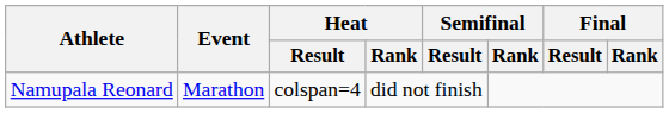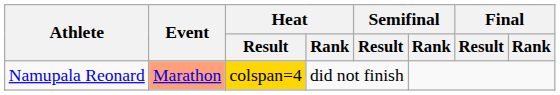 <table class="wikitable" style="font-size:90%">
 <tr>
 <th rowspan=2>Athlete</th>
 <th rowspan=2>Event</th>
 <th colspan=2>Heat</th>
 <th colspan=2>Semifinal</th>
 <th colspan=2>Final</th>
 </tr>
 <tr style="font-size:95%">
 <th>Result</th>
 <th>Rank</th>
 <th>Result</th>
 <th>Rank</th>
 <th>Result</th>
 <th>Rank</th>
 </tr>
 <tr align=center>
 <td align=left><a href='#'>Namupala Reonard</a></td>
-<td align=left><a href='#'>Marathon</a></td>
-<td>colspan=4 </td>
+<td align=left style="background: lightsalmon;"><a href='#'>Marathon</a></td>
+<td style="background: gold;">colspan=4 </td>
 <td colspan=2>did not finish</td>
 </tr>
 </table>
